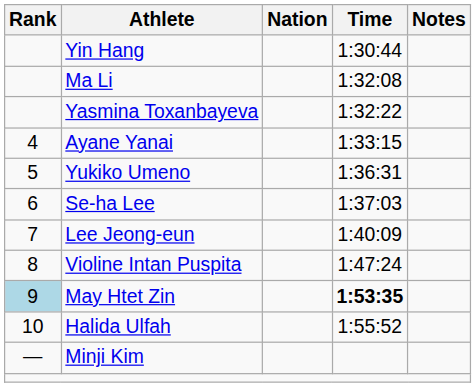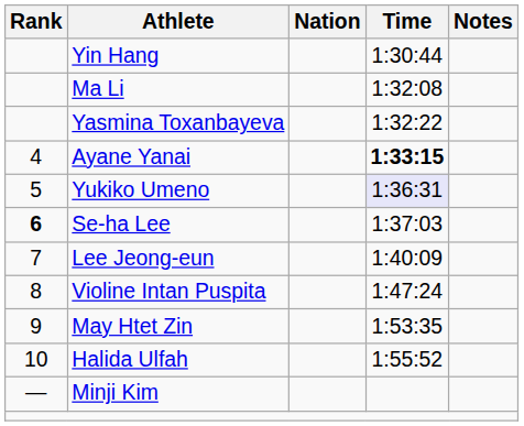 <table class="wikitable sortable" style="text-align:center;">
 <tr>
 <th scope="col" style="width: 10px;">Rank</th>
 <th scope="col">Athlete</th>
 <th scope="col">Nation</th>
 <th scope="col">Time</th>
 <th scope="col">Notes</th>
 </tr>
 <tr>
 <td></td>
 <td align=left><a href='#'>Yin Hang</a></td>
 <td align=left></td>
 <td>1:30:44</td>
 <td></td>
 </tr>
 <tr>
 <td></td>
 <td align=left><a href='#'>Ma Li</a></td>
 <td align=left></td>
 <td>1:32:08</td>
 <td></td>
 </tr>
 <tr>
 <td></td>
 <td align=left><a href='#'>Yasmina Toxanbayeva</a></td>
 <td align=left></td>
 <td>1:32:22</td>
 <td></td>
 </tr>
 <tr>
 <td>4</td>
 <td align=left><a href='#'>Ayane Yanai</a></td>
 <td align=left></td>
-<td>1:33:15</td>
+<td><strong>1:33:15</strong></td>
 <td></td>
 </tr>
 <tr>
 <td>5</td>
 <td align=left><a href='#'>Yukiko Umeno</a></td>
 <td align=left></td>
-<td>1:36:31</td>
+<td style="background: lavender;">1:36:31</td>
 <td></td>
 </tr>
 <tr>
-<td>6</td>
+<td><strong>6</strong></td>
 <td align=left><a href='#'>Se-ha Lee</a></td>
 <td align=left></td>
 <td>1:37:03</td>
 <td></td>
 </tr>
 <tr>
 <td>7</td>
 <td align=left><a href='#'>Lee Jeong-eun</a></td>
 <td align=left></td>
 <td>1:40:09</td>
 <td></td>
 </tr>
 <tr>
 <td>8</td>
 <td align=left><a href='#'>Violine Intan Puspita</a></td>
 <td align=left></td>
 <td>1:47:24</td>
 <td></td>
 </tr>
 <tr>
-<td style="background: lightblue;">9</td>
+<td>9</td>
 <td align=left><a href='#'>May Htet Zin</a></td>
 <td align=left></td>
-<td><strong>1:53:35</strong></td>
+<td>1:53:35</td>
 <td></td>
 </tr>
 <tr>
 <td>10</td>
 <td align=left><a href='#'>Halida Ulfah</a></td>
 <td align=left></td>
 <td>1:55:52</td>
 <td></td>
 </tr>
 <tr>
 <td>—</td>
 <td align=left><a href='#'>Minji Kim</a></td>
 <td align=left></td>
 <td></td>
 <td></td>
 </tr>
 <tr class="sortbottom">
 <td colspan="5"></td>
 </tr>
 </table>
